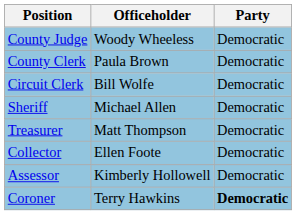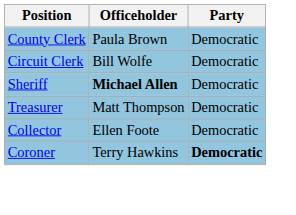 <table class="wikitable mw-collapsible">
 <tr>
 <th>Position</th>
 <th>Officeholder</th>
 <th>Party</th>
-</tr>
-<tr style="background-color:#92C5DE;">
-<td><a href='#'>County Judge</a></td>
-<td>Woody Wheeless</td>
-<td>Democratic</td>
 </tr>
 <tr style="background-color:#92C5DE;">
 <td><a href='#'>County Clerk</a></td>
 <td>Paula Brown</td>
 <td>Democratic</td>
 </tr>
 <tr style="background-color:#92C5DE;">
 <td><a href='#'>Circuit Clerk</a></td>
 <td>Bill Wolfe</td>
 <td>Democratic</td>
 </tr>
 <tr style="background-color:#92C5DE;">
 <td><a href='#'>Sheriff</a></td>
-<td>Michael Allen</td>
+<td><strong>Michael Allen</strong></td>
 <td>Democratic</td>
 </tr>
 <tr style="background-color:#92C5DE;">
 <td><a href='#'>Treasurer</a></td>
 <td>Matt Thompson</td>
 <td>Democratic</td>
 </tr>
 <tr style="background-color:#92C5DE;">
 <td><a href='#'>Collector</a></td>
 <td>Ellen Foote</td>
 <td>Democratic</td>
 </tr>
 <tr style="background-color:#92C5DE;">
-<td><a href='#'>Assessor</a></td>
-<td>Kimberly Hollowell</td>
-<td>Democratic</td>
-</tr>
-<tr style="background-color:#92C5DE;">
 <td><a href='#'>Coroner</a></td>
 <td>Terry Hawkins</td>
 <td><strong>Democratic</strong></td>
 </tr>
 </table>
